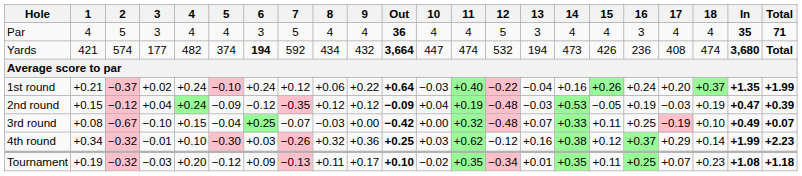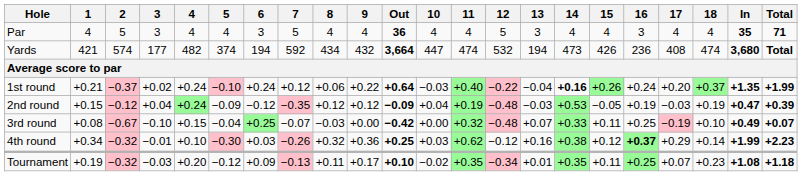 <table class="wikitable" style="font-size:95%; text-align:center">
 <tr>
 <th align="left">Hole</th>
 <th>1</th>
 <th>2</th>
 <th>3</th>
 <th>4</th>
 <th>5</th>
 <th>6</th>
 <th>7</th>
 <th>8</th>
 <th>9</th>
 <th>Out</th>
 <th>10</th>
 <th>11</th>
 <th>12</th>
 <th>13</th>
 <th>14</th>
 <th>15</th>
 <th>16</th>
 <th>17</th>
 <th>18</th>
 <th>In</th>
 <th>Total</th>
 </tr>
 <tr>
 <td align="left">Par</td>
 <td>4</td>
 <td>5</td>
 <td>3</td>
 <td>4</td>
 <td>4</td>
 <td>3</td>
 <td>5</td>
 <td>4</td>
 <td>4</td>
 <td><strong>36</strong></td>
 <td>4</td>
 <td>4</td>
 <td>5</td>
 <td>3</td>
 <td>4</td>
 <td>4</td>
 <td>3</td>
 <td>4</td>
 <td>4</td>
 <td><strong>35</strong></td>
 <td><strong>71</strong></td>
 </tr>
 <tr>
 <td align="left">Yards</td>
 <td>421</td>
 <td>574</td>
 <td>177</td>
 <td>482</td>
 <td>374</td>
-<td><strong>194</strong></td>
+<td>194</td>
 <td>592</td>
 <td>434</td>
 <td>432</td>
 <td><strong>3,664</strong></td>
 <td>447</td>
 <td>474</td>
 <td>532</td>
 <td>194</td>
 <td>473</td>
 <td>426</td>
 <td>236</td>
 <td>408</td>
 <td>474</td>
 <td><strong>3,680</strong></td>
 <td><strong>Total</strong></td>
 </tr>
 <tr>
 <th colspan="22" style="text-align:left">Average score to par</th>
 </tr>
 <tr>
 <td align="left">1st round</td>
 <td>+0.21</td>
 <td style="background:pink">−0.37</td>
 <td>+0.02</td>
 <td>+0.24</td>
 <td style="background:pink">−0.10</td>
 <td>+0.24</td>
 <td>+0.12</td>
 <td>+0.06</td>
 <td>+0.22</td>
 <td><strong>+0.64</strong></td>
 <td>−0.03</td>
 <td bgcolor="palegreen">+0.40</td>
 <td style="background:pink">−0.22</td>
 <td>−0.04</td>
-<td>+0.16</td>
+<td><strong>+0.16</strong></td>
 <td bgcolor="palegreen">+0.26</td>
 <td>+0.24</td>
 <td>+0.20</td>
 <td bgcolor="palegreen">+0.37</td>
 <td><strong>+1.35</strong></td>
 <td><strong>+1.99</strong></td>
 </tr>
 <tr>
 <td align="left">2nd round</td>
 <td>+0.15</td>
 <td style="background:pink">−0.12</td>
 <td>+0.04</td>
 <td bgcolor="palegreen">+0.24</td>
 <td>−0.09</td>
 <td>−0.12</td>
 <td style="background:pink">−0.35</td>
 <td>+0.12</td>
 <td>+0.12</td>
 <td><strong>−0.09</strong></td>
 <td>+0.04</td>
 <td bgcolor="palegreen">+0.19</td>
 <td style="background:pink">−0.48</td>
 <td>−0.03</td>
 <td bgcolor="palegreen">+0.53</td>
 <td>−0.05</td>
 <td>+0.19</td>
 <td>−0.03</td>
 <td>+0.19</td>
 <td><strong>+0.47</strong></td>
 <td><strong>+0.39</strong></td>
 </tr>
 <tr>
 <td align="left">3rd round</td>
 <td>+0.08</td>
 <td style="background:pink">−0.67</td>
 <td>−0.10</td>
 <td>+0.15</td>
 <td>−0.04</td>
 <td bgcolor="palegreen">+0.25</td>
 <td>−0.07</td>
 <td>−0.03</td>
 <td>+0.00</td>
 <td><strong>−0.42</strong></td>
 <td>+0.00</td>
 <td bgcolor="palegreen">+0.32</td>
 <td style="background:pink">−0.48</td>
 <td>+0.07</td>
 <td bgcolor="palegreen">+0.33</td>
 <td>+0.11</td>
 <td>+0.25</td>
 <td style="background:pink">−0.19</td>
 <td>+0.10</td>
 <td><strong>+0.49</strong></td>
 <td><strong>+0.07</strong></td>
 </tr>
 <tr>
 <td align="left">4th round</td>
 <td>+0.34</td>
 <td style="background:pink">−0.32</td>
 <td>−0.01</td>
 <td>+0.10</td>
 <td style="background:pink">−0.30</td>
 <td>+0.03</td>
 <td style="background:pink">−0.26</td>
 <td>+0.32</td>
 <td>+0.36</td>
 <td><strong>+0.25</strong></td>
 <td>+0.03</td>
 <td bgcolor="palegreen">+0.62</td>
 <td>−0.12</td>
 <td>+0.16</td>
 <td bgcolor="palegreen">+0.38</td>
 <td>+0.12</td>
-<td bgcolor="palegreen">+0.37</td>
+<td bgcolor="palegreen"><strong>+0.37</strong></td>
 <td>+0.29</td>
 <td>+0.14</td>
 <td><strong>+1.99</strong></td>
 <td><strong>+2.23</strong></td>
 </tr>
 <tr style="border-top:3px solid #B2B2B2">
 <td align="left">Tournament</td>
 <td>+0.19</td>
 <td style="background:pink">−0.32</td>
 <td>−0.03</td>
 <td>+0.20</td>
 <td>−0.12</td>
 <td>+0.09</td>
 <td style="background:pink">−0.13</td>
 <td>+0.11</td>
 <td>+0.17</td>
 <td><strong>+0.10</strong></td>
 <td>−0.02</td>
 <td bgcolor="palegreen">+0.35</td>
 <td style="background:pink">−0.34</td>
 <td>+0.01</td>
 <td bgcolor="palegreen">+0.35</td>
 <td>+0.11</td>
 <td bgcolor="palegreen">+0.25</td>
 <td>+0.07</td>
 <td>+0.23</td>
 <td><strong>+1.08</strong></td>
 <td><strong>+1.18</strong></td>
 </tr>
 </table>
